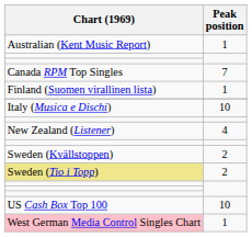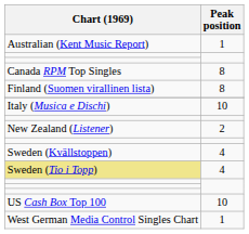 <table class="wikitable sortable">
 <tr>
 <th>Chart (1969)</th>
 <th>Peak<br>position</th>
 </tr>
 <tr>
 <td>Australian (<a href='#'>Kent Music Report</a>)</td>
 <td align="center">1</td>
 </tr>
 <tr>
 <td></td>
 </tr>
 <tr>
 <td></td>
 </tr>
 <tr>
 <td>Canada <em><a href='#'>RPM</a></em> Top Singles</td>
-<td style="text-align:center;">7</td>
+<td style="text-align:center;">8</td>
 </tr>
 <tr>
 <td>Finland (<a href='#'>Suomen virallinen lista</a>)</td>
-<td align="center">1</td>
+<td align="center">8</td>
 </tr>
 <tr>
 </tr>
 <tr>
 <td>Italy (<em><a href='#'>Musica e Dischi</a></em>)</td>
 <td align="center">10</td>
 </tr>
 <tr>
 <td></td>
 </tr>
 <tr>
 <td>New Zealand (<em><a href='#'>Listener</a></em>)</td>
-<td style="text-align:center;">4</td>
+<td style="text-align:center;">2</td>
 </tr>
 <tr>
 <td></td>
 </tr>
 <tr>
 <td>Sweden (<a href='#'>Kvällstoppen</a>)</td>
-<td style="text-align:center;">2</td>
+<td style="text-align:center;">4</td>
 </tr>
 <tr>
 <td style="background: khaki;">Sweden (<em><a href='#'>Tio i Topp</a></em>)</td>
-<td style="text-align:center;">2</td>
+<td style="text-align:center;">4</td>
 </tr>
 <tr>
 <td></td>
 </tr>
 <tr>
 <td></td>
 </tr>
 <tr>
 <td></td>
 </tr>
 <tr>
 <td>US <a href='#'><em>Cash Box</em> Top 100</a></td>
 <td align="center">10</td>
 </tr>
 <tr>
-<td style="background: pink;">West German <a href='#'>Media Control</a> Singles Chart</td>
+<td>West German <a href='#'>Media Control</a> Singles Chart</td>
 <td align="center">1</td>
 </tr>
 </table>
